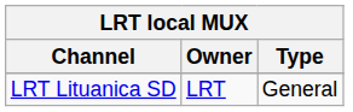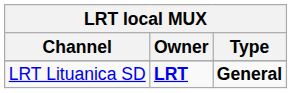 <table class="wikitable" style="font-size: 90%">
 <tr>
 <th colspan="12">LRT local MUX</th>
 </tr>
 <tr>
 <th>Channel</th>
 <th>Owner</th>
 <th>Type</th>
 </tr>
 <tr>
 </tr>
 <tr>
 <td><a href='#'>LRT Lituanica SD</a></td>
-<td><a href='#'>LRT</a></td>
-<td>General</td>
+<td><strong><a href='#'>LRT</a></strong></td>
+<td><strong>General</strong></td>
 </tr>
 </table>
